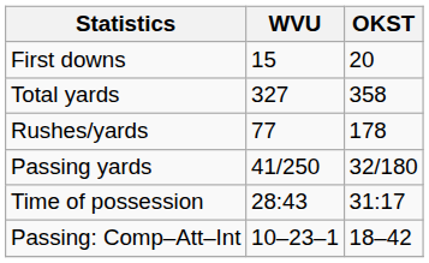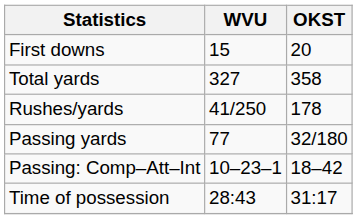 <table class="wikitable" style="float: left;">
 <tr>
 <th>Statistics</th>
 <th>WVU</th>
 <th>OKST</th>
 </tr>
 <tr>
 <td>First downs</td>
 <td>15</td>
 <td>20</td>
 </tr>
 <tr>
 <td>Total yards</td>
 <td>327</td>
 <td>358</td>
 </tr>
 <tr>
 <td>Rushes/yards</td>
-<td>77</td>
+<td>41/250</td>
 <td>178</td>
 </tr>
 <tr>
 <td>Passing yards</td>
-<td>41/250</td>
+<td>77</td>
 <td>32/180</td>
+</tr>
+<tr>
+<td>Passing: Comp–Att–Int</td>
+<td>10–23–1</td>
+<td>18–42</td>
 </tr>
 <tr>
 <td>Time of possession</td>
 <td>28:43</td>
 <td>31:17</td>
 </tr>
 <tr>
-<td>Passing: Comp–Att–Int</td>
-<td>10–23–1</td>
-<td>18–42</td>
-</tr>
-<tr>
 </tr>
 </table>
